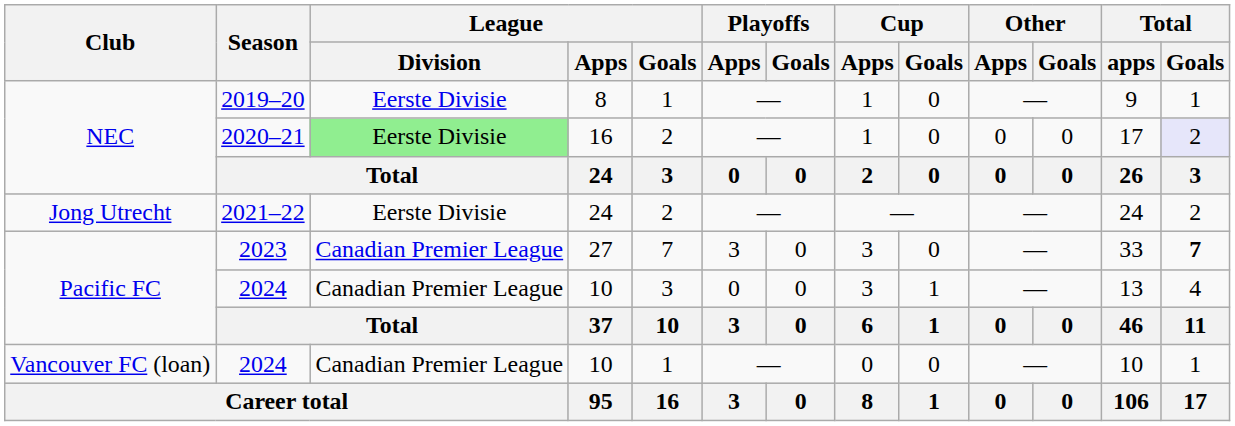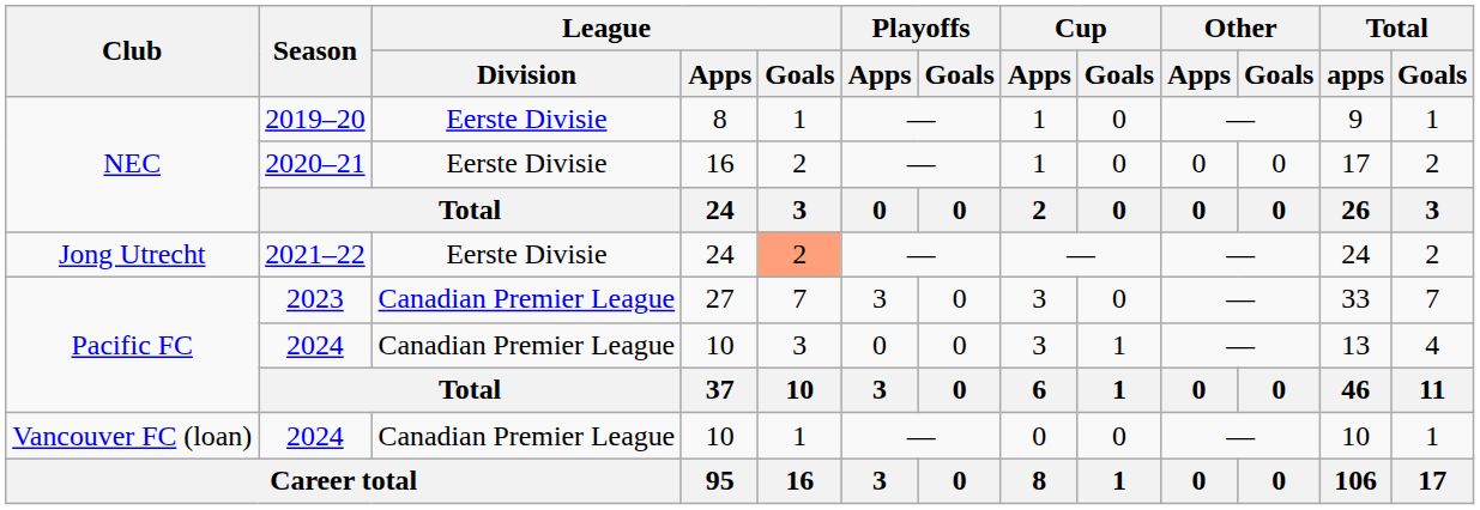 <table class="wikitable" style="text-align:center">
 <tr>
 <th rowspan="2">Club</th>
 <th rowspan="2">Season</th>
 <th colspan="3">League</th>
 <th colspan="2">Playoffs</th>
 <th colspan="2">Cup</th>
 <th colspan="2">Other</th>
 <th colspan="2">Total</th>
 </tr>
 <tr>
 <th>Division</th>
 <th>Apps</th>
 <th>Goals</th>
 <th>Apps</th>
 <th>Goals</th>
 <th>Apps</th>
 <th>Goals</th>
 <th>Apps</th>
 <th>Goals</th>
 <th>apps</th>
 <th>Goals</th>
 </tr>
 <tr>
 <td rowspan="3"><a href='#'>NEC</a></td>
 <td><a href='#'>2019–20</a></td>
 <td><a href='#'>Eerste Divisie</a></td>
 <td>8</td>
 <td>1</td>
 <td colspan="2">—</td>
 <td>1</td>
 <td>0</td>
 <td colspan="2">—</td>
 <td>9</td>
 <td>1</td>
 </tr>
 <tr>
 <td><a href='#'>2020–21</a></td>
-<td style="background: lightgreen;">Eerste Divisie</td>
+<td>Eerste Divisie</td>
 <td>16</td>
 <td>2</td>
 <td colspan="2">—</td>
 <td>1</td>
 <td>0</td>
 <td>0</td>
 <td>0</td>
 <td>17</td>
-<td style="background: lavender;">2</td>
+<td>2</td>
 </tr>
 <tr>
 <th colspan="2">Total</th>
 <th>24</th>
 <th>3</th>
 <th>0</th>
 <th>0</th>
 <th>2</th>
 <th>0</th>
 <th>0</th>
 <th>0</th>
 <th>26</th>
 <th>3</th>
 </tr>
 <tr>
 <td><a href='#'>Jong Utrecht</a></td>
 <td><a href='#'>2021–22</a></td>
 <td>Eerste Divisie</td>
 <td>24</td>
-<td>2</td>
+<td style="background: lightsalmon;">2</td>
 <td colspan="2">—</td>
 <td colspan="2">—</td>
 <td colspan="2">—</td>
 <td>24</td>
 <td>2</td>
 </tr>
 <tr>
 <td rowspan=3><a href='#'>Pacific FC</a></td>
 <td><a href='#'>2023</a></td>
 <td><a href='#'>Canadian Premier League</a></td>
 <td>27</td>
 <td>7</td>
 <td>3</td>
 <td>0</td>
 <td>3</td>
 <td>0</td>
 <td colspan="2">—</td>
 <td>33</td>
-<td><strong>7</strong></td>
+<td>7</td>
 </tr>
 <tr>
 <td><a href='#'>2024</a></td>
 <td>Canadian Premier League</td>
 <td>10</td>
 <td>3</td>
 <td>0</td>
 <td>0</td>
 <td>3</td>
 <td>1</td>
 <td colspan="2">—</td>
 <td>13</td>
 <td>4</td>
 </tr>
 <tr>
 <th colspan="2">Total</th>
 <th>37</th>
 <th>10</th>
 <th>3</th>
 <th>0</th>
 <th>6</th>
 <th>1</th>
 <th>0</th>
 <th>0</th>
 <th>46</th>
 <th>11</th>
 </tr>
 <tr>
 <td><a href='#'>Vancouver FC</a> (loan)</td>
 <td><a href='#'>2024</a></td>
 <td>Canadian Premier League</td>
 <td>10</td>
 <td>1</td>
 <td colspan="2">—</td>
 <td>0</td>
 <td>0</td>
 <td colspan="2">—</td>
 <td>10</td>
 <td>1</td>
 </tr>
 <tr>
 <th colspan="3">Career total</th>
 <th>95</th>
 <th>16</th>
 <th>3</th>
 <th>0</th>
 <th>8</th>
 <th>1</th>
 <th>0</th>
 <th>0</th>
 <th>106</th>
 <th>17</th>
 </tr>
 </table>
